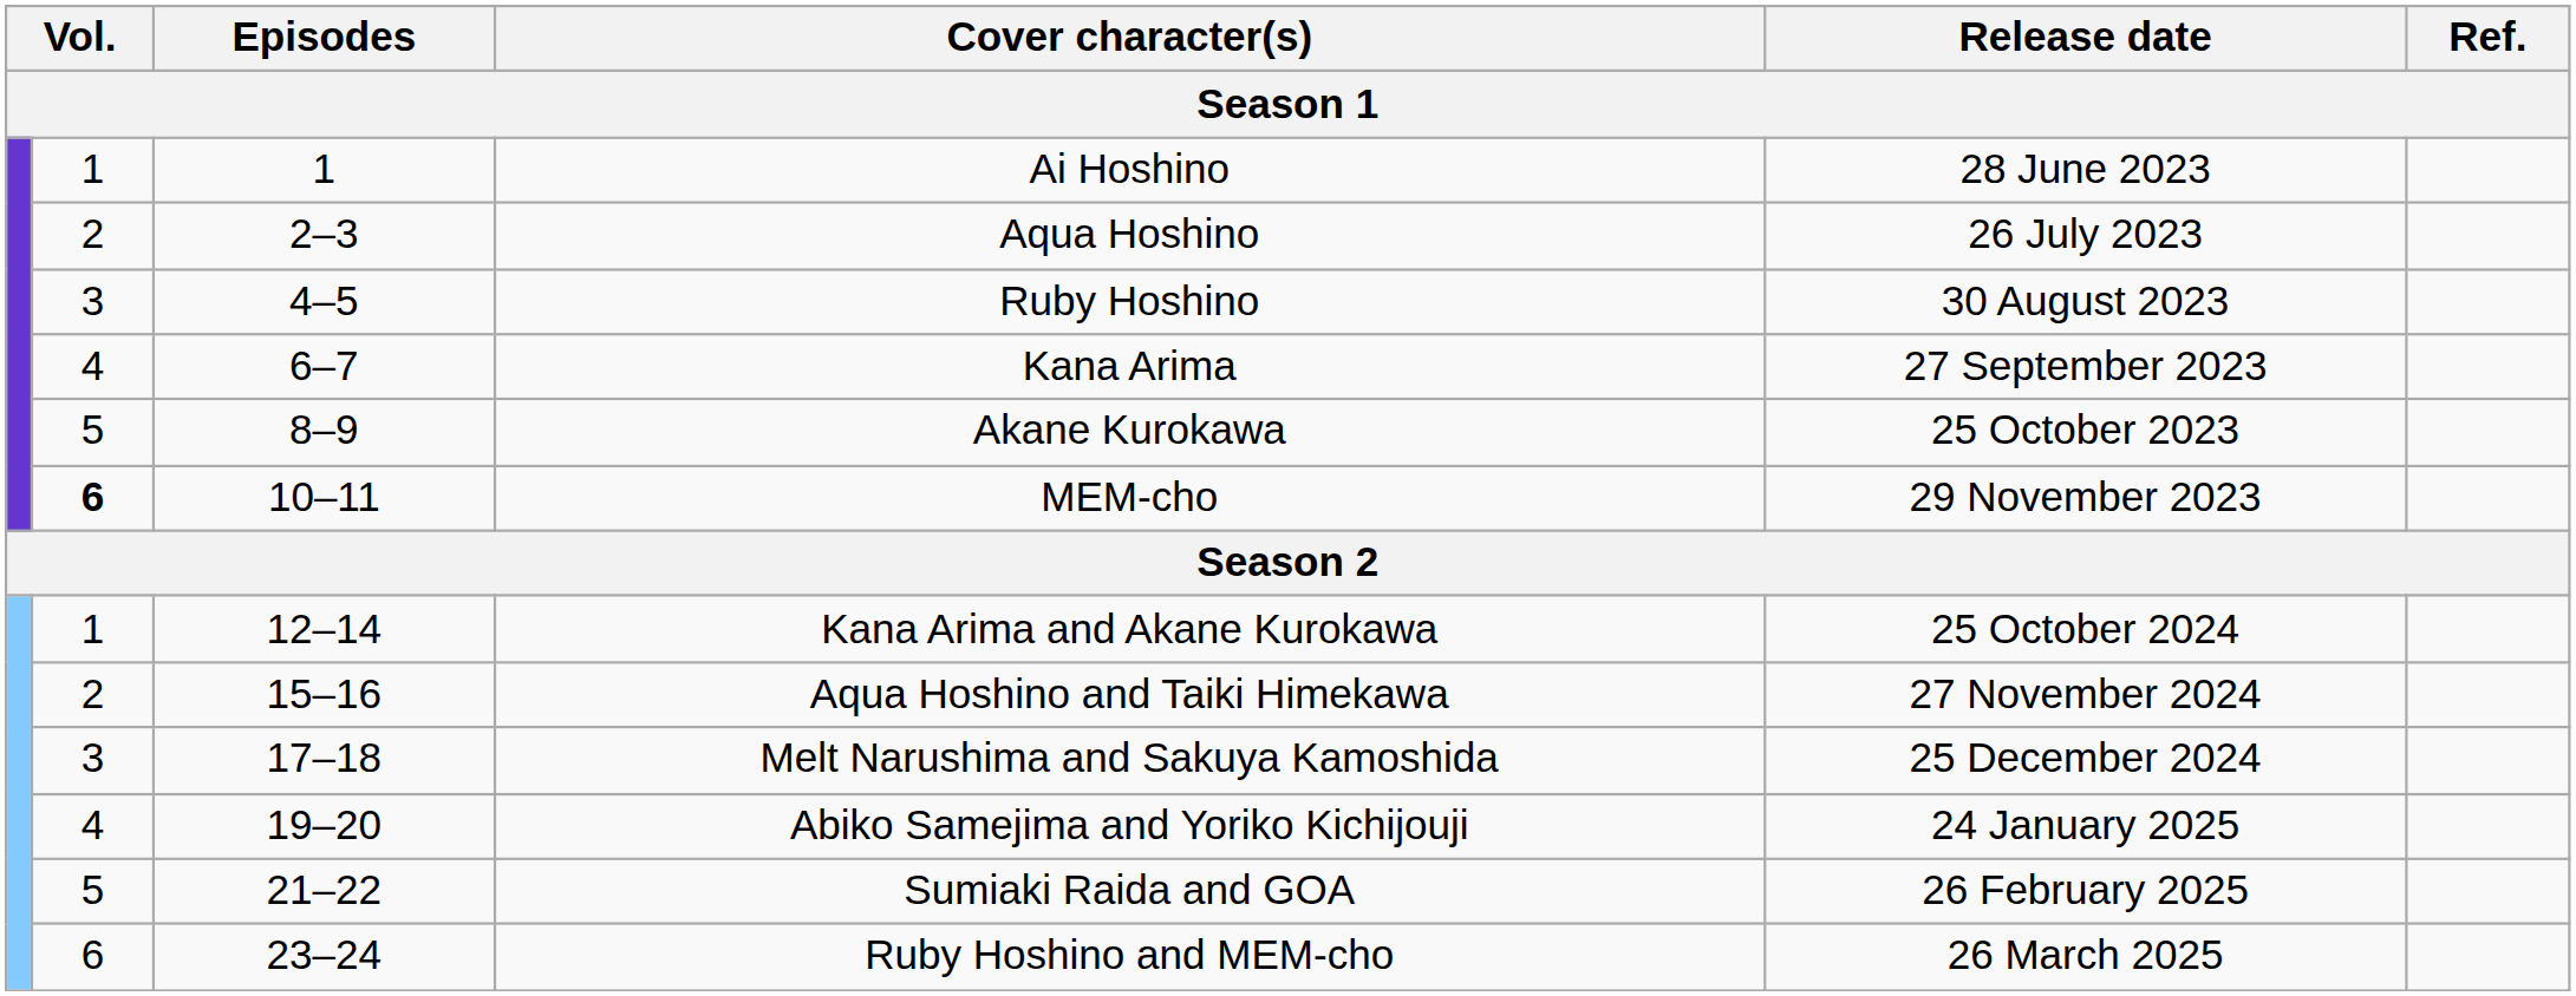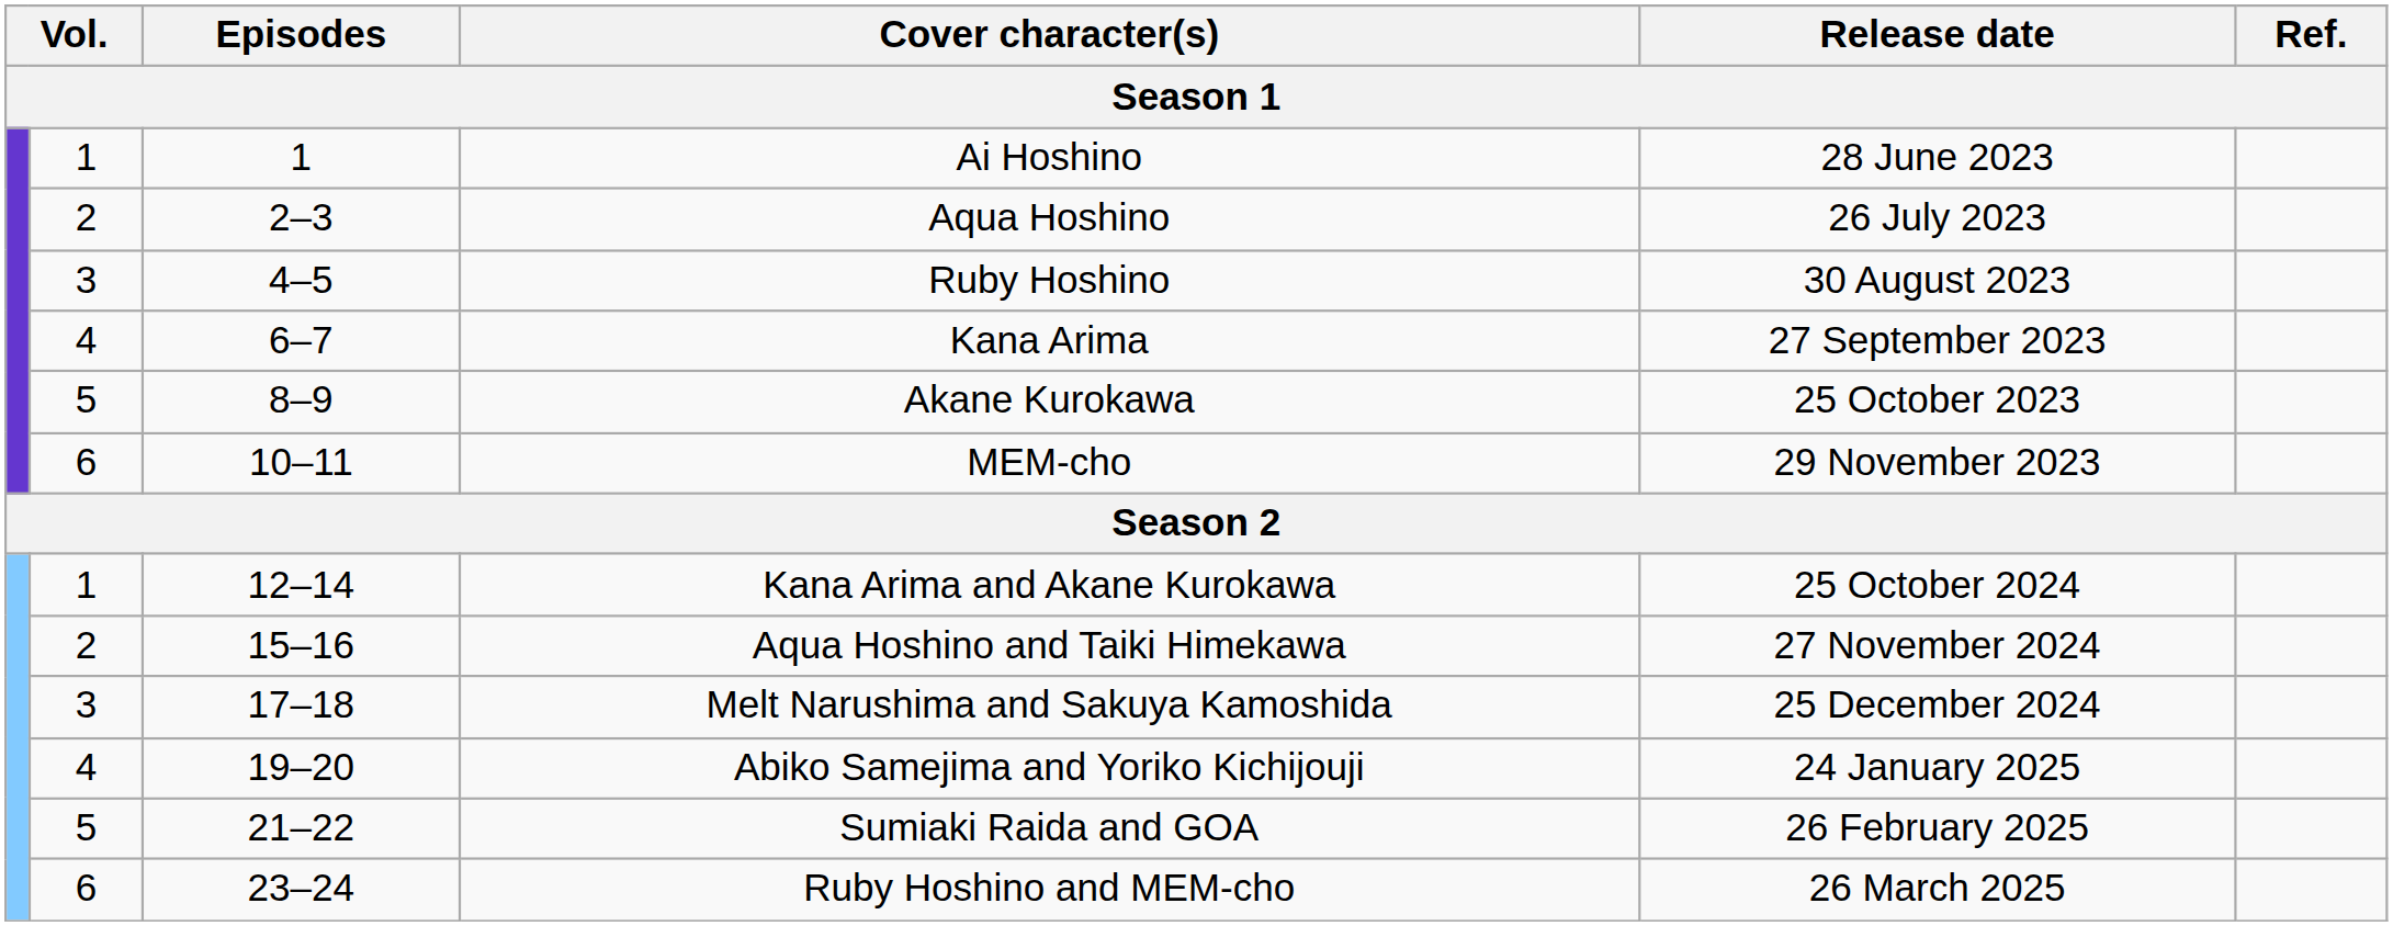 <table class="wikitable" style="text-align: center; width: 50%;">
 <tr>
 <th colspan="2">Vol.</th>
 <th>Episodes</th>
 <th>Cover character(s)</th>
 <th>Release date</th>
 <th>Ref.</th>
 </tr>
 <tr>
 <th colspan="6">Season 1</th>
 </tr>
 <tr>
 <td rowspan="6" width="1%" style="background: #6436CF;"></td>
 <td>1</td>
 <td>1</td>
 <td>Ai Hoshino</td>
 <td>28 June 2023</td>
 <td></td>
 </tr>
 <tr>
 <td>2</td>
 <td>2–3</td>
 <td>Aqua Hoshino</td>
 <td>26 July 2023</td>
 <td></td>
 </tr>
 <tr>
 <td>3</td>
 <td>4–5</td>
 <td>Ruby Hoshino</td>
 <td>30 August 2023</td>
 <td></td>
 </tr>
 <tr>
 <td>4</td>
 <td>6–7</td>
 <td>Kana Arima</td>
 <td>27 September 2023</td>
 <td></td>
 </tr>
 <tr>
 <td>5</td>
 <td>8–9</td>
 <td>Akane Kurokawa</td>
 <td>25 October 2023</td>
 <td></td>
 </tr>
 <tr>
-<td><strong>6</strong></td>
+<td>6</td>
 <td>10–11</td>
 <td>MEM-cho</td>
 <td>29 November 2023</td>
 <td></td>
 </tr>
 <tr>
 <th colspan="6">Season 2</th>
 </tr>
 <tr>
 <td rowspan="6" width="1%" style="background: #82CAFF;"></td>
 <td>1</td>
 <td>12–14</td>
 <td>Kana Arima and Akane Kurokawa</td>
 <td>25 October 2024</td>
 <td></td>
 </tr>
 <tr>
 <td>2</td>
 <td>15–16</td>
 <td>Aqua Hoshino and Taiki Himekawa</td>
 <td>27 November 2024</td>
 <td></td>
 </tr>
 <tr>
 <td>3</td>
 <td>17–18</td>
 <td>Melt Narushima and Sakuya Kamoshida</td>
 <td>25 December 2024</td>
 <td></td>
 </tr>
 <tr>
 <td>4</td>
 <td>19–20</td>
 <td>Abiko Samejima and Yoriko Kichijouji</td>
 <td>24 January 2025</td>
 <td></td>
 </tr>
 <tr>
 <td>5</td>
 <td>21–22</td>
 <td>Sumiaki Raida and GOA</td>
 <td>26 February 2025</td>
 <td></td>
 </tr>
 <tr>
 <td>6</td>
 <td>23–24</td>
 <td>Ruby Hoshino and MEM-cho</td>
 <td>26 March 2025</td>
 <td></td>
 </tr>
 </table>
